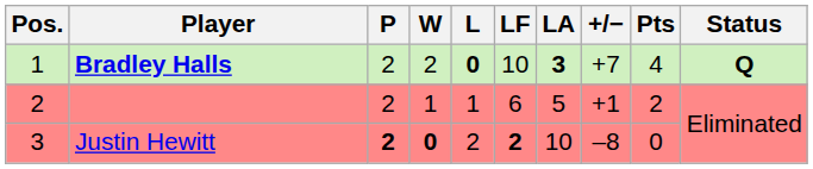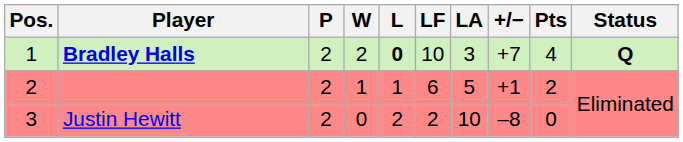 <table class="wikitable" style="text-align:center; margin: 1em auto 1em auto, align:left">
 <tr>
 <th width=20>Pos.</th>
 <th width=185>Player</th>
 <th width=20>P</th>
 <th width=20>W</th>
 <th width=20>L</th>
 <th width=20>LF</th>
 <th width=20>LA</th>
 <th width=25>+/−</th>
 <th width=20>Pts</th>
 <th width=70>Status</th>
 </tr>
 <tr style="background:#D0F0C0;">
 <td>1</td>
 <td align=left> <strong><a href='#'>Bradley Halls</a></strong></td>
 <td>2</td>
 <td>2</td>
 <td><strong>0</strong></td>
 <td>10</td>
-<td><strong>3</strong></td>
+<td>3</td>
 <td>+7</td>
 <td>4</td>
 <td><strong>Q</strong></td>
 </tr>
 <tr style="background:#FF8888;">
 <td>2</td>
 <td align=left></td>
 <td>2</td>
 <td>1</td>
 <td>1</td>
 <td>6</td>
 <td>5</td>
 <td>+1</td>
 <td>2</td>
 <td rowspan=2>Eliminated</td>
 </tr>
 <tr style="background:#FF8888;">
 <td>3</td>
 <td align=left> <a href='#'>Justin Hewitt</a></td>
-<td><strong>2</strong></td>
-<td><strong>0</strong></td>
 <td>2</td>
-<td><strong>2</strong></td>
+<td>0</td>
+<td>2</td>
+<td>2</td>
 <td>10</td>
 <td>–8</td>
 <td>0</td>
 </tr>
 </table>
